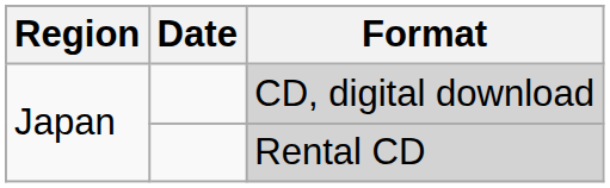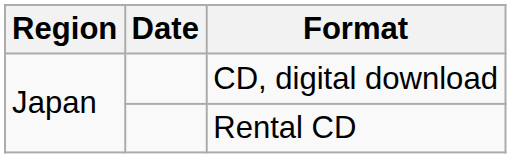 <table class="wikitable">
 <tr>
 <th>Region</th>
 <th>Date</th>
 <th>Format</th>
 </tr>
 <tr>
 <td rowspan="2">Japan</td>
 <td></td>
-<td style="background: lightgrey;">CD, digital download</td>
+<td>CD, digital download</td>
 </tr>
 <tr>
 <td></td>
-<td style="background: lightgrey;">Rental CD</td>
+<td>Rental CD</td>
 </tr>
 </table>
